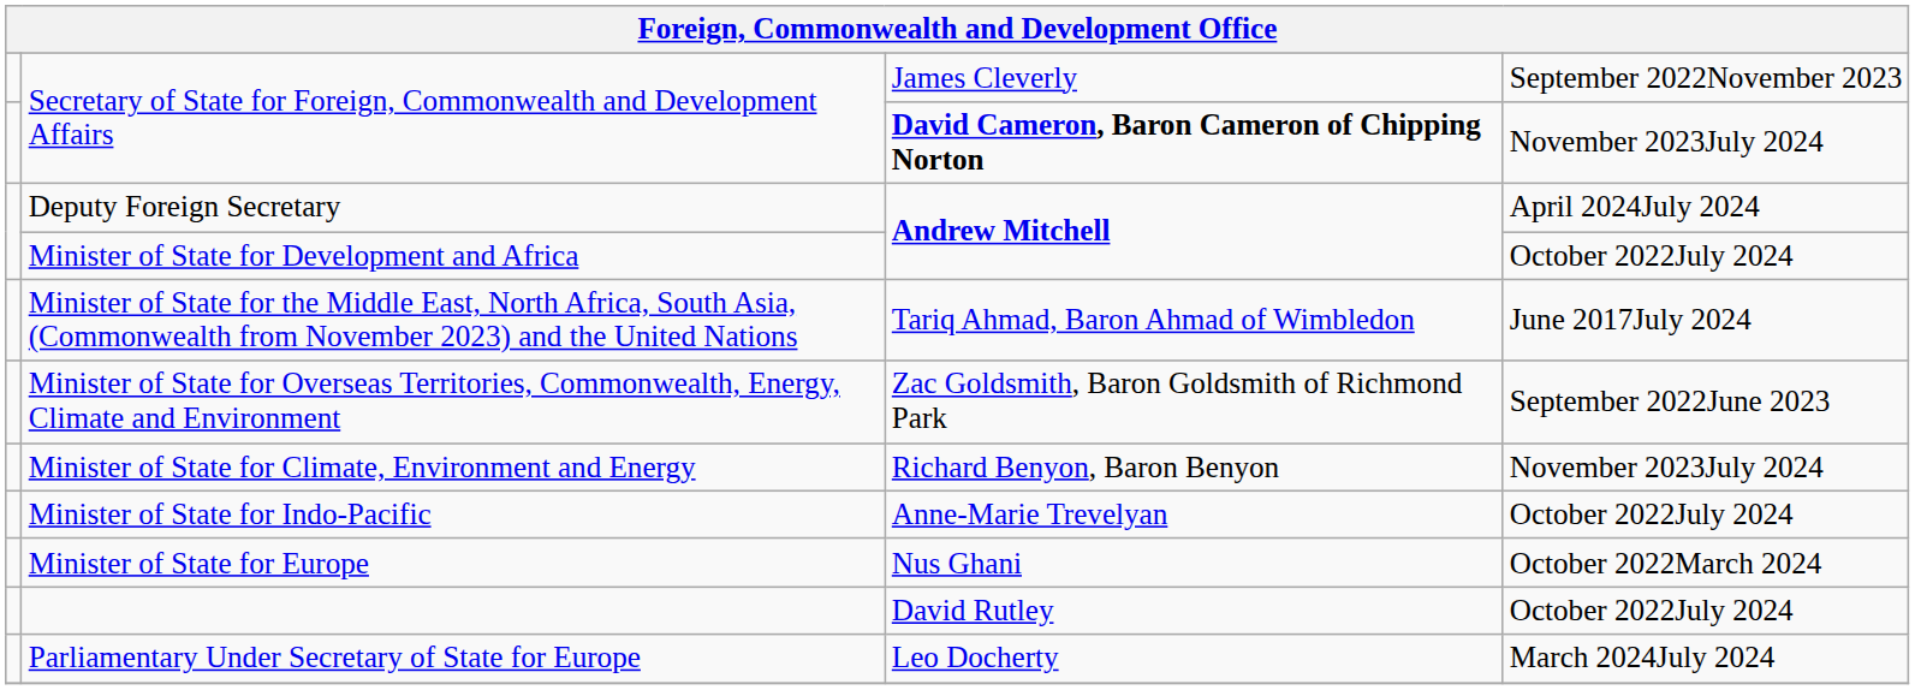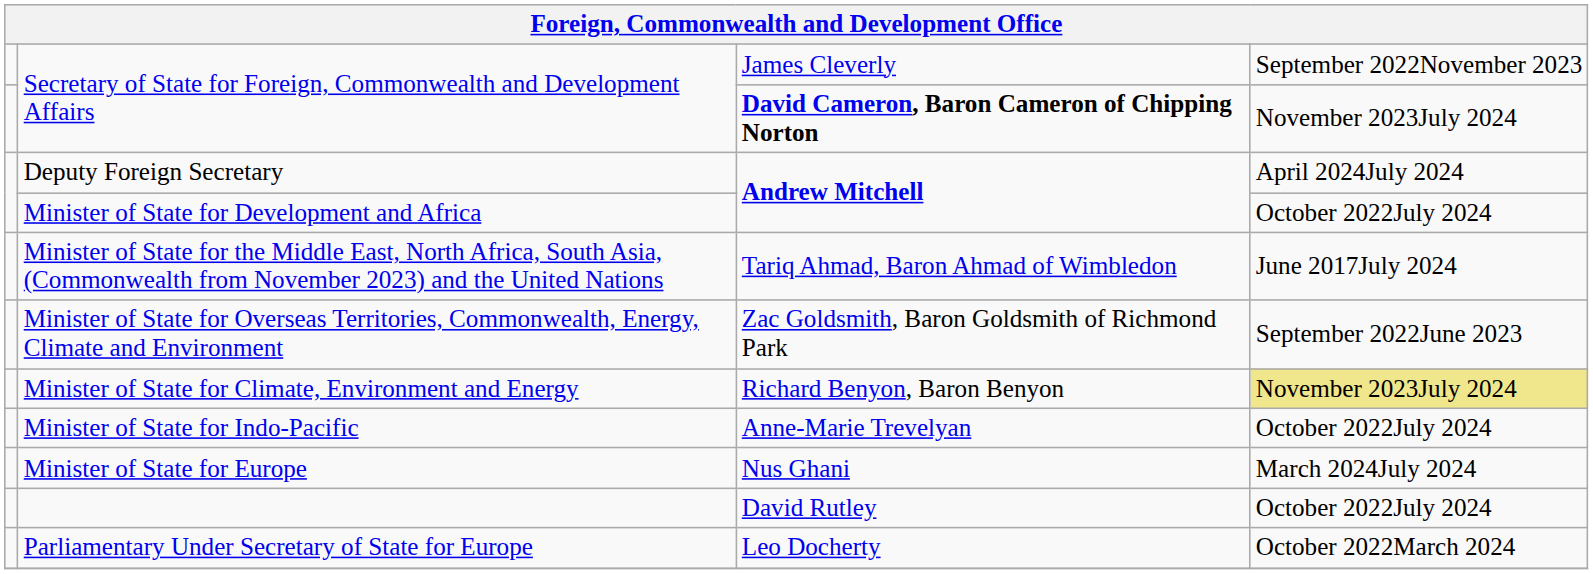 <table class="wikitable">
 <tr>
 <th colspan="4"><a href='#'>Foreign, Commonwealth and Development Office</a></th>
 </tr>
 <tr>
 <td style="width: 1px; background: "></td>
 <td rowspan="2" style="width: 450px;"><a href='#'>Secretary of State for Foreign, Commonwealth and Development Affairs</a></td>
 <td style="width: 320px;"><a href='#'>James Cleverly</a></td>
 <td>September 2022November 2023</td>
 </tr>
 <tr>
 <td style="width: 1px; background: "></td>
 <td style="width: 320px;"><strong><a href='#'>David Cameron</a>, Baron Cameron of Chipping Norton</strong></td>
 <td>November 2023July 2024</td>
 </tr>
 <tr>
 <td rowspan="2" style="width: 1px; background: "></td>
 <td>Deputy Foreign Secretary</td>
 <td rowspan="2"><strong><a href='#'>Andrew Mitchell</a></strong></td>
 <td>April 2024July 2024</td>
 </tr>
 <tr>
 <td><a href='#'>Minister of State for Development and Africa</a></td>
 <td>October 2022July 2024</td>
 </tr>
 <tr>
 <td style="width: 1px; background: "></td>
 <td rowspan="1"><a href='#'>Minister of State for the Middle East, North Africa, South Asia, (Commonwealth from November 2023) and the United Nations</a></td>
 <td><a href='#'>Tariq Ahmad, Baron Ahmad of Wimbledon</a> </td>
 <td>June 2017July 2024</td>
 </tr>
 <tr>
 <td style="width: 1px; background: "></td>
 <td rowspan="1"><a href='#'>Minister of State for Overseas Territories, Commonwealth, Energy, Climate and Environment</a></td>
 <td><a href='#'>Zac Goldsmith</a>, Baron Goldsmith of Richmond Park </td>
 <td>September 2022June 2023</td>
 </tr>
 <tr>
 <td style="width: 1px; background: "></td>
 <td rowspan="1"><a href='#'>Minister of State for Climate, Environment and Energy</a></td>
 <td><a href='#'>Richard Benyon</a>, Baron Benyon </td>
-<td>November 2023July 2024</td>
+<td style="background: khaki;">November 2023July 2024</td>
 </tr>
 <tr>
 <td rowspan="1" style="width: 1px; background: "></td>
 <td><a href='#'>Minister of State for Indo-Pacific</a></td>
 <td><a href='#'>Anne-Marie Trevelyan</a></td>
 <td>October 2022July 2024</td>
 </tr>
 <tr>
 <td rowspan="1" style="width: 1px; background: "></td>
 <td><a href='#'>Minister of State for Europe</a></td>
 <td><a href='#'>Nus Ghani</a></td>
-<td>October 2022March 2024</td>
+<td>March 2024July 2024</td>
 </tr>
 <tr>
 <td rowspan="1" style="width: 1px; background: "></td>
 <td></td>
 <td><a href='#'>David Rutley</a></td>
 <td>October 2022July 2024</td>
 </tr>
 <tr>
 <td rowspan="1" style="width: 1px; background: "></td>
 <td><a href='#'>Parliamentary Under Secretary of State for Europe</a></td>
 <td><a href='#'>Leo Docherty</a></td>
-<td>March 2024July 2024</td>
+<td>October 2022March 2024</td>
 </tr>
 <tr>
 </tr>
 </table>
